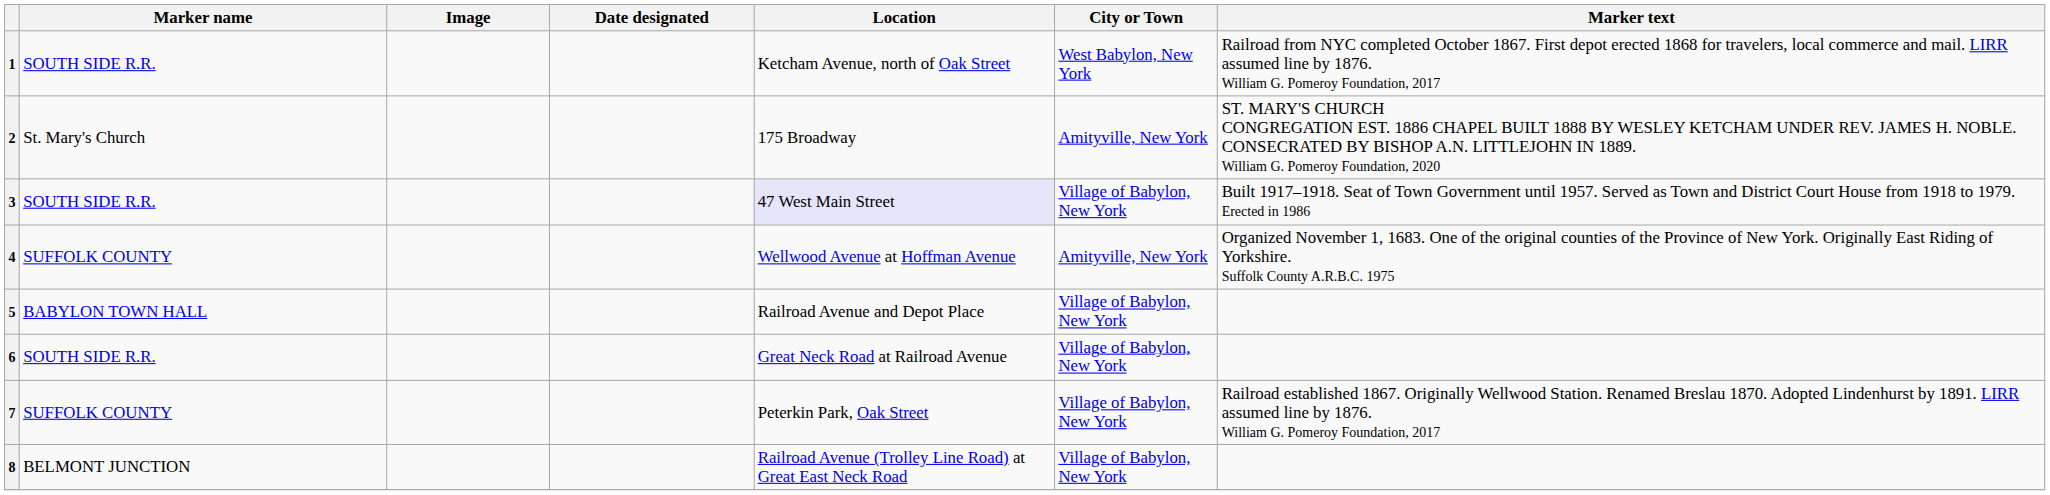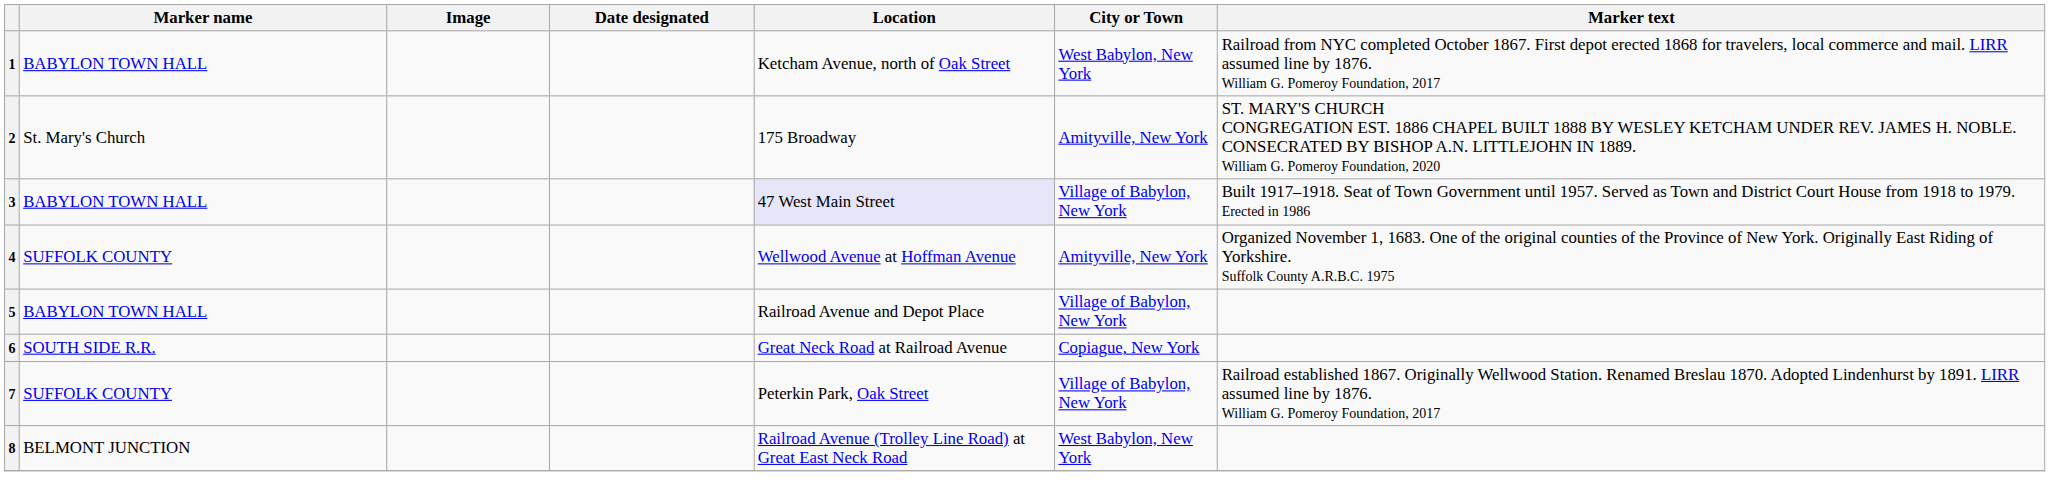 <table class="wikitable sortable" style="width:98%">
 <tr>
 <th></th>
 <th width = 18% ><strong>Marker name</strong></th>
 <th width = 8% class="unsortable" ><strong>Image</strong></th>
 <th width = 10% ><strong>Date designated</strong></th>
 <th><strong>Location</strong></th>
 <th width = 8% ><strong>City or Town</strong></th>
 <th class="unsortable" ><strong>Marker text</strong></th>
 </tr>
 <tr ->
 <th><small>1</small></th>
-<td><a href='#'>SOUTH SIDE R.R.</a></td>
+<td><a href='#'>BABYLON TOWN HALL</a></td>
 <td></td>
 <td></td>
 <td>Ketcham Avenue, north of <a href='#'>Oak Street</a></td>
 <td><a href='#'>West Babylon, New York</a></td>
 <td>Railroad from NYC completed October 1867. First depot erected 1868 for travelers, local commerce and mail. <a href='#'>LIRR</a> assumed line by 1876.<br><small>William G. Pomeroy Foundation, 2017</small></td>
 </tr>
 <tr ->
 <th><small>2</small></th>
 <td>St. Mary's Church</td>
 <td></td>
 <td></td>
 <td>175 Broadway</td>
 <td><a href='#'>Amityville, New York</a></td>
 <td>ST. MARY'S CHURCH<br>CONGREGATION EST. 1886 CHAPEL BUILT 1888 BY WESLEY KETCHAM UNDER REV. JAMES H. NOBLE. CONSECRATED BY BISHOP A.N. LITTLEJOHN IN 1889. <br><small>William G. Pomeroy Foundation, 2020</small></td>
 </tr>
 <tr ->
 <th><small>3</small></th>
-<td><a href='#'>SOUTH SIDE R.R.</a></td>
+<td><a href='#'>BABYLON TOWN HALL</a></td>
 <td></td>
 <td></td>
 <td style="background: lavender;">47 West Main Street</td>
 <td><a href='#'>Village of Babylon, New York</a></td>
 <td>Built 1917–1918. Seat of Town Government until 1957. Served as Town and District Court House from 1918 to 1979.<br><small>Erected in 1986</small></td>
 </tr>
 <tr ->
 <th><small>4</small></th>
 <td><a href='#'>SUFFOLK COUNTY</a></td>
 <td></td>
 <td></td>
 <td><a href='#'>Wellwood Avenue</a> at <a href='#'>Hoffman Avenue</a></td>
 <td><a href='#'>Amityville, New York</a></td>
 <td>Organized November 1, 1683. One of the original counties of the Province of New York. Originally East Riding of Yorkshire.<br><small>Suffolk County A.R.B.C. 1975</small></td>
 </tr>
 <tr ->
 <th><small>5</small></th>
 <td><a href='#'>BABYLON TOWN HALL</a></td>
 <td></td>
 <td></td>
 <td>Railroad Avenue and Depot Place</td>
 <td><a href='#'>Village of Babylon, New York</a></td>
 <td></td>
 </tr>
 <tr ->
 <th><small>6</small></th>
 <td><a href='#'>SOUTH SIDE R.R.</a></td>
 <td></td>
 <td></td>
 <td><a href='#'>Great Neck Road</a> at Railroad Avenue</td>
-<td><a href='#'>Village of Babylon, New York</a></td>
+<td><a href='#'>Copiague, New York</a></td>
 <td></td>
 </tr>
 <tr ->
 <th><small>7</small></th>
 <td><a href='#'>SUFFOLK COUNTY</a></td>
 <td></td>
 <td></td>
 <td>Peterkin Park, <a href='#'>Oak Street</a></td>
 <td><a href='#'>Village of Babylon, New York</a></td>
 <td>Railroad established 1867. Originally Wellwood Station. Renamed Breslau 1870. Adopted Lindenhurst by 1891. <a href='#'>LIRR</a> assumed line by 1876.<br><small>William G. Pomeroy Foundation, 2017</small></td>
 </tr>
 <tr ->
 <th><small>8</small></th>
 <td>BELMONT JUNCTION</td>
 <td></td>
 <td></td>
 <td><a href='#'>Railroad Avenue (Trolley Line Road)</a> at <a href='#'>Great East Neck Road</a></td>
-<td><a href='#'>Village of Babylon, New York</a></td>
+<td><a href='#'>West Babylon, New York</a></td>
 <td></td>
 </tr>
 <tr ->
 </tr>
 </table>
